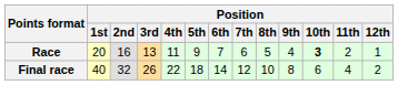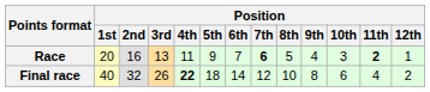 <table class="wikitable" style="font-size:85%; text-align:center">
 <tr style="background:#f9f9f9">
 <th rowspan="2">Points format</th>
 <th colspan="21">Position</th>
 </tr>
 <tr>
 <th>1st</th>
 <th>2nd</th>
 <th>3rd</th>
 <th>4th</th>
 <th>5th</th>
 <th>6th</th>
 <th>7th</th>
 <th>8th</th>
 <th>9th</th>
 <th>10th</th>
 <th>11th</th>
 <th>12th</th>
 </tr>
 <tr>
 <th>Race</th>
 <td style="background:#ffffbf;">20</td>
 <td style="background:#dfdfdf;">16</td>
 <td style="background:#ffdf9f;">13</td>
 <td style="background:#dfffdf;">11</td>
 <td style="background:#dfffdf;">9</td>
 <td style="background:#dfffdf;">7</td>
-<td style="background:#dfffdf;">6</td>
+<td style="background:#dfffdf;"><strong>6</strong></td>
 <td style="background:#dfffdf;">5</td>
 <td style="background:#dfffdf;">4</td>
-<td style="background:#dfffdf;"><strong>3</strong></td>
-<td style="background:#dfffdf;">2</td>
+<td style="background:#dfffdf;">3</td>
+<td style="background:#dfffdf;"><strong>2</strong></td>
 <td style="background:#dfffdf;">1</td>
 </tr>
 <tr>
 <th>Final race</th>
 <td style="background:#ffffbf;">40</td>
 <td style="background:#dfdfdf;">32</td>
 <td style="background:#ffdf9f;">26</td>
-<td style="background:#dfffdf;">22</td>
+<td style="background:#dfffdf;"><strong>22</strong></td>
 <td style="background:#dfffdf;">18</td>
 <td style="background:#dfffdf;">14</td>
 <td style="background:#dfffdf;">12</td>
 <td style="background:#dfffdf;">10</td>
 <td style="background:#dfffdf;">8</td>
 <td style="background:#dfffdf;">6</td>
 <td style="background:#dfffdf;">4</td>
 <td style="background:#dfffdf;">2</td>
 </tr>
 </table>
